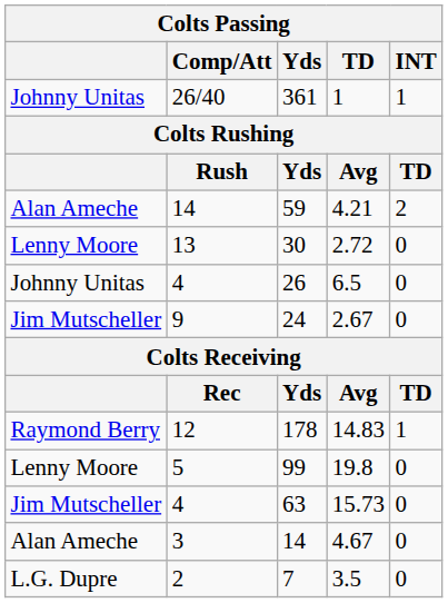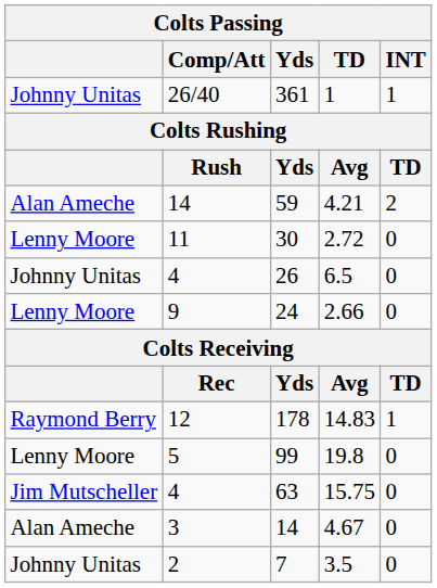 <table class="wikitable">
 <tr>
 <th colspan="5">Colts Passing</th>
 </tr>
 <tr>
 <th></th>
 <th>Comp/Att</th>
 <th>Yds</th>
 <th>TD</th>
 <th>INT</th>
 </tr>
 <tr>
 <td><a href='#'>Johnny Unitas</a></td>
 <td>26/40</td>
 <td>361</td>
 <td>1</td>
 <td>1</td>
 </tr>
 <tr>
 <th colspan="5">Colts Rushing</th>
 </tr>
 <tr>
 <th></th>
 <th>Rush</th>
 <th>Yds</th>
 <th>Avg</th>
 <th>TD</th>
 </tr>
 <tr>
 <td><a href='#'>Alan Ameche</a></td>
 <td>14</td>
 <td>59</td>
 <td>4.21</td>
 <td>2</td>
 </tr>
 <tr>
 <td><a href='#'>Lenny Moore</a></td>
-<td>13</td>
+<td>11</td>
 <td>30</td>
 <td>2.72</td>
 <td>0</td>
 </tr>
 <tr>
 <td>Johnny Unitas</td>
 <td>4</td>
 <td>26</td>
 <td>6.5</td>
 <td>0</td>
 </tr>
 <tr>
-<td><a href='#'>Jim Mutscheller</a></td>
+<td><a href='#'>Lenny Moore</a></td>
 <td>9</td>
 <td>24</td>
-<td>2.67</td>
+<td>2.66</td>
 <td>0</td>
 </tr>
 <tr>
 <th colspan="5">Colts Receiving</th>
 </tr>
 <tr>
 <th></th>
 <th>Rec</th>
 <th>Yds</th>
 <th>Avg</th>
 <th>TD</th>
 </tr>
 <tr>
 <td><a href='#'>Raymond Berry</a></td>
 <td>12</td>
 <td>178</td>
 <td>14.83</td>
 <td>1</td>
 </tr>
 <tr>
 <td>Lenny Moore</td>
 <td>5</td>
 <td>99</td>
 <td>19.8</td>
 <td>0</td>
 </tr>
 <tr>
 <td><a href='#'>Jim Mutscheller</a></td>
 <td>4</td>
 <td>63</td>
-<td>15.73</td>
+<td>15.75</td>
 <td>0</td>
 </tr>
 <tr>
 <td>Alan Ameche</td>
 <td>3</td>
 <td>14</td>
 <td>4.67</td>
 <td>0</td>
 </tr>
 <tr>
-<td>L.G. Dupre</td>
+<td>Johnny Unitas</td>
 <td>2</td>
 <td>7</td>
 <td>3.5</td>
 <td>0</td>
 </tr>
 </table>
